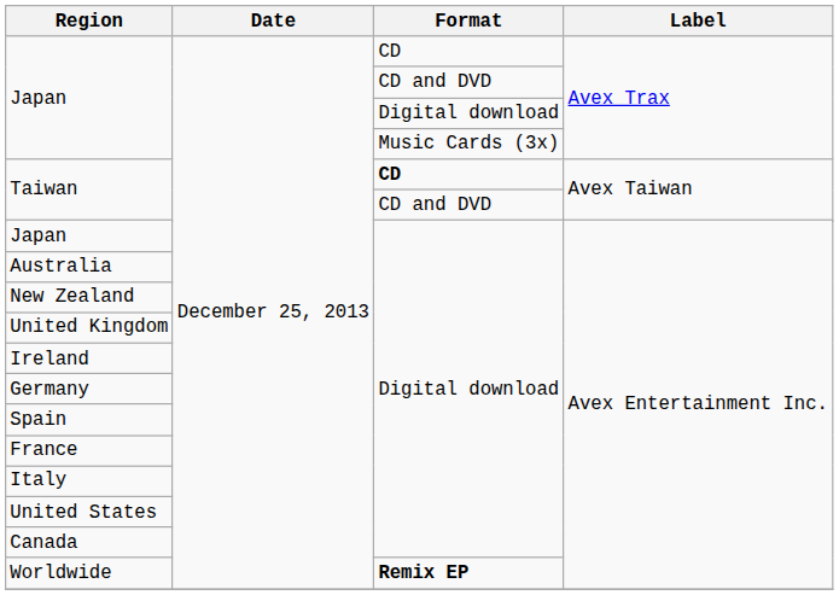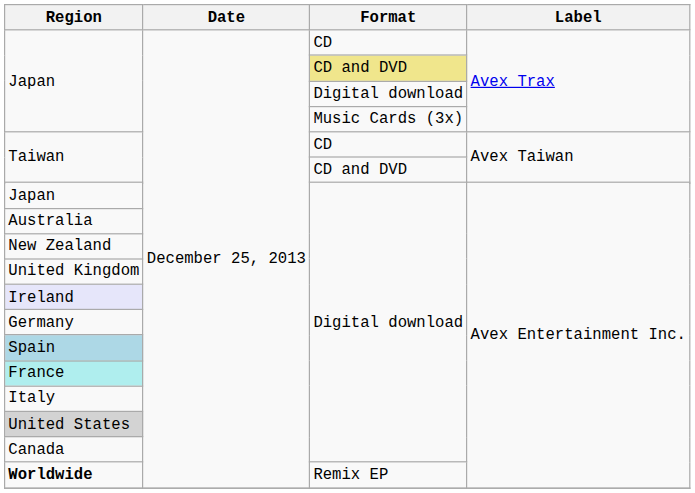 <table class="wikitable plainrowheaders">
 <tr>
 <th scope="col">Region</th>
 <th scope="col">Date</th>
 <th scope="col">Format</th>
 <th scope="col">Label</th>
 </tr>
 <tr>
 <td rowspan="4">Japan</td>
 <td rowspan="19">December 25, 2013</td>
 <td>CD</td>
 <td rowspan="4"><a href='#'>Avex Trax</a></td>
 </tr>
 <tr>
-<td>CD and DVD</td>
+<td style="background: khaki;">CD and DVD</td>
 </tr>
 <tr>
 <td>Digital download</td>
 </tr>
 <tr>
 <td>Music Cards (3x)</td>
 </tr>
 <tr>
 <td rowspan="3">Taiwan</td>
-<td><strong>CD</strong></td>
+<td>CD</td>
 <td rowspan="3">Avex Taiwan</td>
 </tr>
 <tr>
 <td>CD and DVD</td>
 </tr>
 <tr>
 <td rowspan="12">Digital download</td>
 </tr>
 <tr>
 <td>Japan</td>
 <td rowspan="12">Avex Entertainment Inc.</td>
 </tr>
 <tr>
 <td>Australia</td>
 </tr>
 <tr>
 <td>New Zealand</td>
 </tr>
 <tr>
 <td>United Kingdom</td>
 </tr>
 <tr>
-<td>Ireland</td>
+<td style="background: lavender;">Ireland</td>
 </tr>
 <tr>
 <td>Germany</td>
 </tr>
 <tr>
-<td>Spain</td>
+<td style="background: lightblue;">Spain</td>
 </tr>
 <tr>
-<td>France</td>
+<td style="background: paleturquoise;">France</td>
 </tr>
 <tr>
 <td>Italy</td>
 </tr>
 <tr>
-<td>United States</td>
+<td style="background: lightgrey;">United States</td>
 </tr>
 <tr>
 <td>Canada</td>
 </tr>
 <tr>
-<td>Worldwide</td>
-<td><strong>Remix EP</strong></td>
+<td><strong>Worldwide</strong></td>
+<td>Remix EP</td>
 </tr>
 <tr>
 </tr>
 </table>
